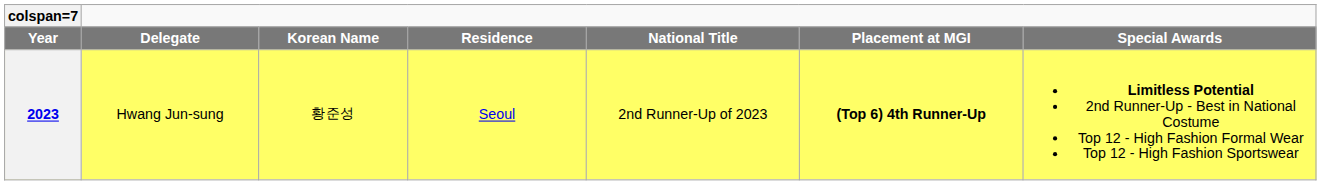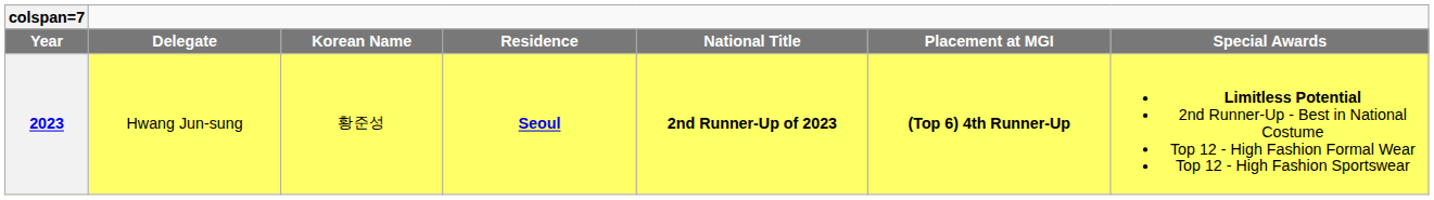 <table class="wikitable sortable" style="font-size: 85%; text-align:center">
 <tr>
 <th>colspan=7 </th>
 </tr>
 <tr>
 <th width="60" style="background-color:#787878;color:#FFFFFF;">Year</th>
 <th width="180" style="background-color:#787878;color:#FFFFFF;">Delegate</th>
 <th width="150" style="background-color:#787878;color:#FFFFFF;">Korean Name</th>
 <th width="180" style="background-color:#787878;color:#FFFFFF;">Residence</th>
 <th width="220" style="background-color:#787878;color:#FFFFFF;">National Title</th>
 <th width="230" style="background-color:#787878;color:#FFFFFF;">Placement at MGI</th>
 <th width="300" style="background-color:#787878;color:#FFFFFF;">Special Awards</th>
 </tr>
 <tr style="background-color:#FFFF66;">
 <th><a href='#'>2023</a></th>
 <td>Hwang Jun-sung</td>
 <td>황준성</td>
-<td><a href='#'>Seoul</a></td>
-<td>2nd Runner-Up of 2023</td>
+<td><strong><a href='#'>Seoul</a></strong></td>
+<td><strong>2nd Runner-Up of 2023</strong></td>
 <td><strong>(Top 6) 4th Runner-Up</strong></td>
 <td><br><ul><li><strong>Limitless Potential</strong></li><li>2nd Runner-Up - Best in National Costume</li><li>Top 12 -  High Fashion Formal Wear</li><li>Top 12 -  High Fashion Sportswear</li></ul></td>
 </tr>
 </table>
